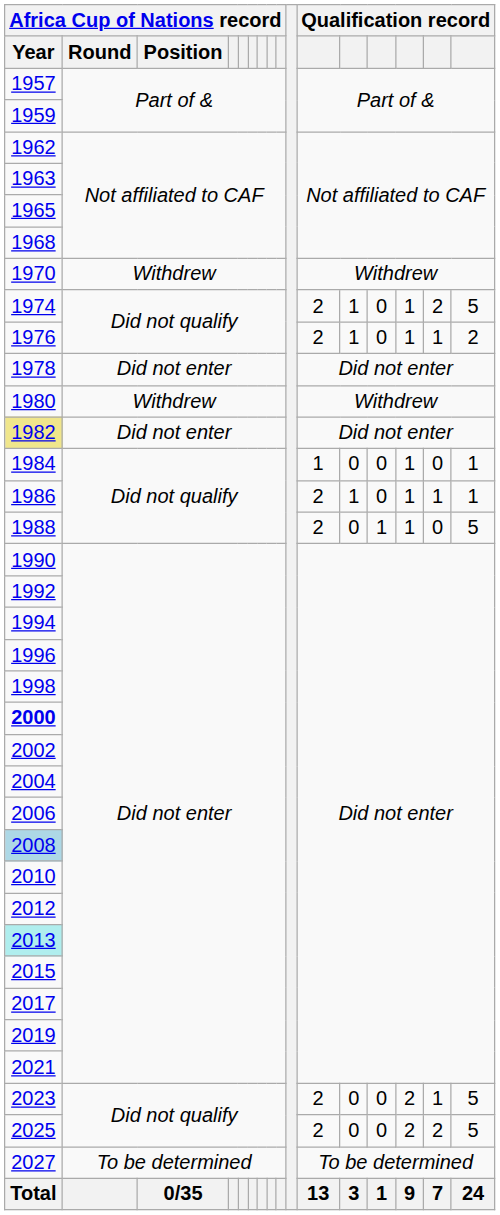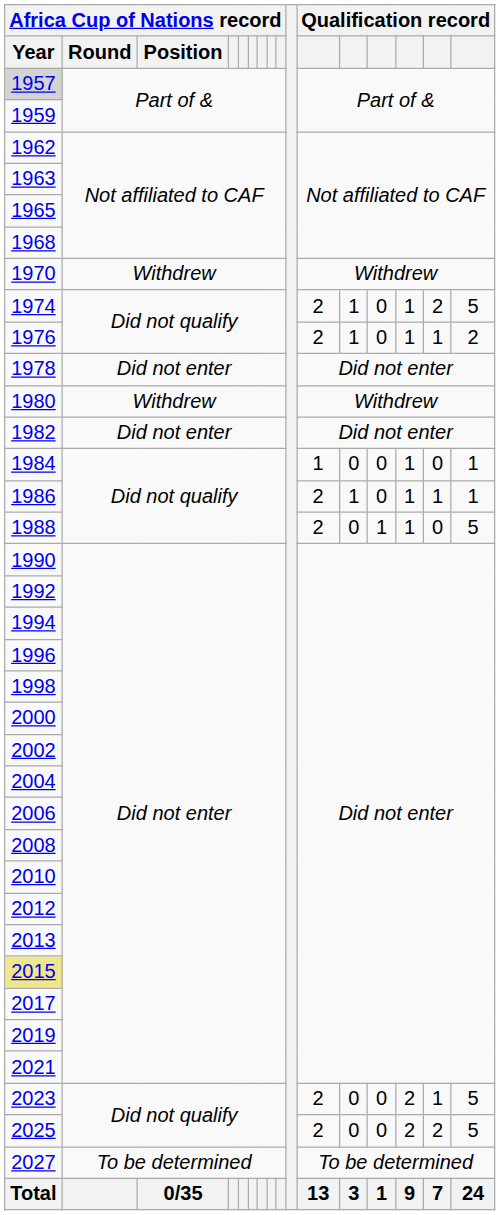 <table class="wikitable" style="text-align: center;">
 <tr>
 <th colspan=9><a href='#'>Africa Cup of Nations</a> record</th>
 <th width="1" rowspan="38"></th>
 <th colspan=6>Qualification record</th>
 </tr>
 <tr>
 <th>Year</th>
 <th>Round</th>
 <th>Position</th>
 <th></th>
 <th></th>
 <th></th>
 <th></th>
 <th></th>
 <th></th>
 <th></th>
 <th></th>
 <th></th>
 <th></th>
 <th></th>
 <th></th>
 </tr>
 <tr>
-<td> <a href='#'>1957</a></td>
+<td style="background: lightgrey;"> <a href='#'>1957</a></td>
 <td colspan=8 rowspan=2><em>Part of  & </em></td>
 <td colspan=8 rowspan=2><em>Part of  & </em></td>
 </tr>
 <tr>
 <td> <a href='#'>1959</a></td>
 </tr>
 <tr>
 <td> <a href='#'>1962</a></td>
 <td colspan=8 rowspan=4><em>Not affiliated to CAF</em></td>
 <td colspan=6 rowspan=4><em>Not affiliated to CAF</em></td>
 </tr>
 <tr>
 <td> <a href='#'>1963</a></td>
 </tr>
 <tr>
 <td> <a href='#'>1965</a></td>
 </tr>
 <tr>
 <td> <a href='#'>1968</a></td>
 </tr>
 <tr>
 <td> <a href='#'>1970</a></td>
 <td colspan=8><em>Withdrew</em></td>
 <td colspan=6><em>Withdrew</em></td>
 </tr>
 <tr>
 <td> <a href='#'>1974</a></td>
 <td colspan=8 rowspan=2><em>Did not qualify</em></td>
 <td>2</td>
 <td>1</td>
 <td>0</td>
 <td>1</td>
 <td>2</td>
 <td>5</td>
 </tr>
 <tr>
 <td> <a href='#'>1976</a></td>
 <td>2</td>
 <td>1</td>
 <td>0</td>
 <td>1</td>
 <td>1</td>
 <td>2</td>
 </tr>
 <tr>
 <td> <a href='#'>1978</a></td>
 <td colspan=8><em>Did not enter</em></td>
 <td colspan=6><em>Did not enter</em></td>
 </tr>
 <tr>
 <td> <a href='#'>1980</a></td>
 <td colspan=8><em>Withdrew</em></td>
 <td colspan=6><em>Withdrew</em></td>
 </tr>
 <tr>
-<td style="background: khaki;"> <a href='#'>1982</a></td>
+<td> <a href='#'>1982</a></td>
 <td colspan=8><em>Did not enter</em></td>
 <td colspan=6><em>Did not enter</em></td>
 </tr>
 <tr>
 <td> <a href='#'>1984</a></td>
 <td colspan=8 rowspan=3><em>Did not qualify</em></td>
 <td>1</td>
 <td>0</td>
 <td>0</td>
 <td>1</td>
 <td>0</td>
 <td>1</td>
 </tr>
 <tr>
 <td> <a href='#'>1986</a></td>
 <td>2</td>
 <td>1</td>
 <td>0</td>
 <td>1</td>
 <td>1</td>
 <td>1</td>
 </tr>
 <tr>
 <td> <a href='#'>1988</a></td>
 <td>2</td>
 <td>0</td>
 <td>1</td>
 <td>1</td>
 <td>0</td>
 <td>5</td>
 </tr>
 <tr>
 <td> <a href='#'>1990</a></td>
 <td colspan=8 rowspan=17><em>Did not enter</em></td>
 <td colspan=6 rowspan=17><em>Did not enter</em></td>
 </tr>
 <tr>
 <td> <a href='#'>1992</a></td>
 </tr>
 <tr>
 <td> <a href='#'>1994</a></td>
 </tr>
 <tr>
 <td> <a href='#'>1996</a></td>
 </tr>
 <tr>
 <td> <a href='#'>1998</a></td>
 </tr>
 <tr>
-<td><strong>  <a href='#'>2000</a></strong></td>
+<td>  <a href='#'>2000</a></td>
 </tr>
 <tr>
 <td> <a href='#'>2002</a></td>
 </tr>
 <tr>
 <td> <a href='#'>2004</a></td>
 </tr>
 <tr>
 <td> <a href='#'>2006</a></td>
 </tr>
 <tr>
-<td style="background: lightblue;"> <a href='#'>2008</a></td>
+<td> <a href='#'>2008</a></td>
 </tr>
 <tr>
 <td> <a href='#'>2010</a></td>
 </tr>
 <tr>
 <td>  <a href='#'>2012</a></td>
 </tr>
 <tr>
-<td style="background: paleturquoise;"> <a href='#'>2013</a></td>
+<td> <a href='#'>2013</a></td>
 </tr>
 <tr>
-<td> <a href='#'>2015</a></td>
+<td style="background: khaki;"> <a href='#'>2015</a></td>
 </tr>
 <tr>
 <td> <a href='#'>2017</a></td>
 </tr>
 <tr>
 <td> <a href='#'>2019</a></td>
 </tr>
 <tr>
 <td> <a href='#'>2021</a></td>
 </tr>
 <tr>
 <td> <a href='#'>2023</a></td>
 <td colspan=8 rowspan=2><em>Did not qualify</em></td>
 <td>2</td>
 <td>0</td>
 <td>0</td>
 <td>2</td>
 <td>1</td>
 <td>5</td>
 </tr>
 <tr>
 <td> <a href='#'>2025</a></td>
 <td>2</td>
 <td>0</td>
 <td>0</td>
 <td>2</td>
 <td>2</td>
 <td>5</td>
 </tr>
 <tr>
 <td>   <a href='#'>2027</a></td>
 <td colspan=8><em>To be determined</em></td>
 <td colspan=6><em>To be determined</em></td>
 </tr>
 <tr>
 <th>Total</th>
 <th></th>
 <th>0/35</th>
 <th></th>
 <th></th>
 <th></th>
 <th></th>
 <th></th>
 <th></th>
 <th>13</th>
 <th>3</th>
 <th>1</th>
 <th>9</th>
 <th>7</th>
 <th>24</th>
 </tr>
 </table>
